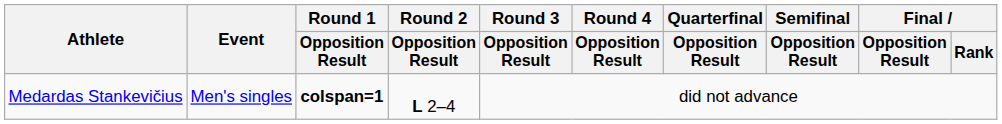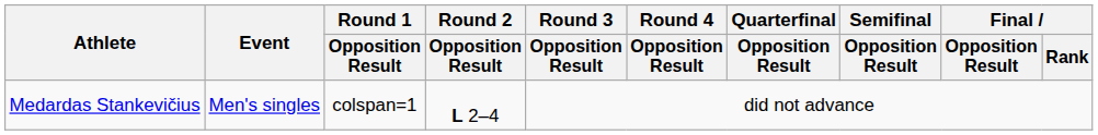 <table class=wikitable style=font-size:90%;text-align:center>
 <tr>
 <th rowspan=2>Athlete</th>
 <th rowspan=2>Event</th>
 <th>Round 1</th>
 <th>Round 2</th>
 <th>Round 3</th>
 <th>Round 4</th>
 <th>Quarterfinal</th>
 <th>Semifinal</th>
 <th colspan=2>Final / </th>
 </tr>
 <tr style=font-size:95%>
 <th>Opposition<br>Result</th>
 <th>Opposition<br>Result</th>
 <th>Opposition<br>Result</th>
 <th>Opposition<br>Result</th>
 <th>Opposition<br>Result</th>
 <th>Opposition<br>Result</th>
 <th>Opposition<br>Result</th>
 <th>Rank</th>
 </tr>
 <tr>
 <td align=left><a href='#'>Medardas Stankevičius</a></td>
 <td align=left rowspan=2><a href='#'>Men's singles</a></td>
-<td><strong>colspan=1 </strong></td>
+<td>colspan=1 </td>
 <td><br><strong>L</strong> 2–4</td>
 <td colspan=6>did not advance</td>
 </tr>
 </table>
